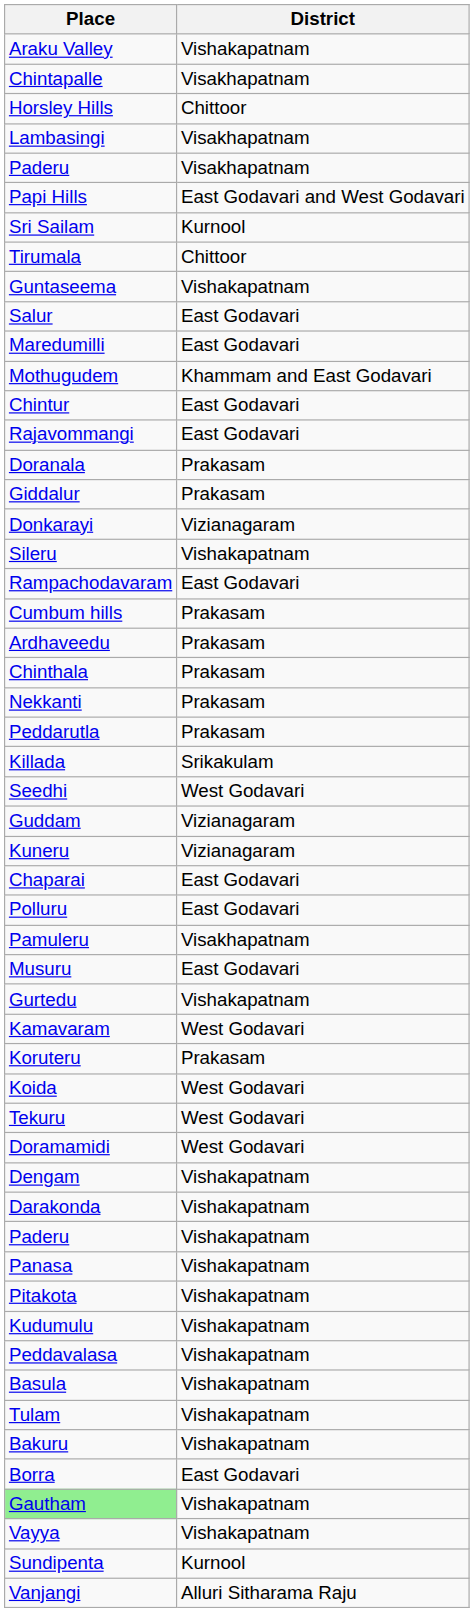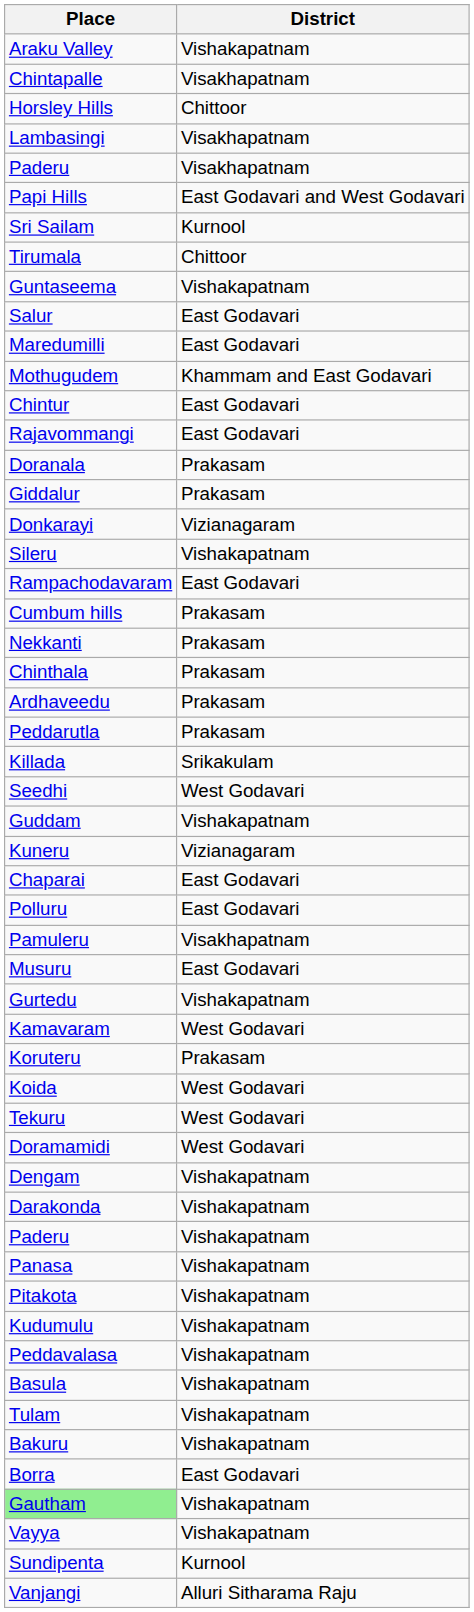 <table class="wikitable sortable">
 <tr>
 <th>Place</th>
 <th>District</th>
 </tr>
 <tr>
 <td><a href='#'>Araku Valley</a></td>
 <td>Vishakapatnam</td>
 </tr>
 <tr>
 <td><a href='#'>Chintapalle</a></td>
 <td>Visakhapatnam</td>
 </tr>
 <tr>
 <td><a href='#'>Horsley Hills</a></td>
 <td>Chittoor</td>
 </tr>
 <tr>
 <td><a href='#'>Lambasingi</a></td>
 <td>Visakhapatnam</td>
 </tr>
 <tr>
 <td><a href='#'>Paderu</a></td>
 <td>Visakhapatnam</td>
 </tr>
 <tr>
 <td><a href='#'>Papi Hills</a></td>
 <td>East Godavari and West Godavari</td>
 </tr>
 <tr>
 <td><a href='#'>Sri Sailam</a></td>
 <td>Kurnool</td>
 </tr>
 <tr>
 <td><a href='#'>Tirumala</a></td>
 <td>Chittoor</td>
 </tr>
 <tr>
 <td><a href='#'>Guntaseema</a></td>
 <td>Vishakapatnam</td>
 </tr>
 <tr>
 <td><a href='#'>Salur</a></td>
 <td>East Godavari</td>
 </tr>
 <tr>
 <td><a href='#'>Maredumilli</a></td>
 <td>East Godavari</td>
 </tr>
 <tr>
 <td><a href='#'>Mothugudem</a></td>
 <td>Khammam and East Godavari</td>
 </tr>
 <tr>
 <td><a href='#'>Chintur</a></td>
 <td>East Godavari</td>
 </tr>
 <tr>
 <td><a href='#'>Rajavommangi</a></td>
 <td>East Godavari</td>
 </tr>
 <tr>
 <td><a href='#'>Doranala</a></td>
 <td>Prakasam</td>
 </tr>
 <tr>
 <td><a href='#'>Giddalur</a></td>
 <td>Prakasam</td>
 </tr>
 <tr>
 <td><a href='#'>Donkarayi</a></td>
 <td>Vizianagaram</td>
 </tr>
 <tr>
 <td><a href='#'>Sileru</a></td>
 <td>Vishakapatnam</td>
 </tr>
 <tr>
 <td><a href='#'>Rampachodavaram</a></td>
 <td>East Godavari</td>
 </tr>
 <tr>
 <td><a href='#'>Cumbum hills</a></td>
 <td>Prakasam</td>
 </tr>
 <tr>
-<td><a href='#'>Ardhaveedu</a></td>
+<td><a href='#'>Nekkanti</a></td>
 <td>Prakasam</td>
 </tr>
 <tr>
 <td><a href='#'>Chinthala</a></td>
 <td>Prakasam</td>
 </tr>
 <tr>
-<td><a href='#'>Nekkanti</a></td>
+<td><a href='#'>Ardhaveedu</a></td>
 <td>Prakasam</td>
 </tr>
 <tr>
 <td><a href='#'>Peddarutla</a></td>
 <td>Prakasam</td>
 </tr>
 <tr>
 <td><a href='#'>Killada</a></td>
 <td>Srikakulam</td>
 </tr>
 <tr>
 <td><a href='#'>Seedhi</a></td>
 <td>West Godavari</td>
 </tr>
 <tr>
 <td><a href='#'>Guddam</a></td>
-<td>Vizianagaram</td>
+<td>Vishakapatnam</td>
 </tr>
 <tr>
 <td><a href='#'>Kuneru</a></td>
 <td>Vizianagaram</td>
 </tr>
 <tr>
 <td><a href='#'>Chaparai</a></td>
 <td>East Godavari</td>
 </tr>
 <tr>
 <td><a href='#'>Polluru</a></td>
 <td>East Godavari</td>
 </tr>
 <tr>
 <td><a href='#'>Pamuleru</a></td>
 <td>Visakhapatnam</td>
 </tr>
 <tr>
 <td><a href='#'>Musuru</a></td>
 <td>East Godavari</td>
 </tr>
 <tr>
 <td><a href='#'>Gurtedu</a></td>
 <td>Vishakapatnam</td>
 </tr>
 <tr>
 <td><a href='#'>Kamavaram</a></td>
 <td>West Godavari</td>
 </tr>
 <tr>
 <td><a href='#'>Koruteru</a></td>
 <td>Prakasam</td>
 </tr>
 <tr>
 <td><a href='#'>Koida</a></td>
 <td>West Godavari</td>
 </tr>
 <tr>
 <td><a href='#'>Tekuru</a></td>
 <td>West Godavari</td>
 </tr>
 <tr>
 <td><a href='#'>Doramamidi</a></td>
 <td>West Godavari</td>
 </tr>
 <tr>
 <td><a href='#'>Dengam</a></td>
 <td>Vishakapatnam</td>
 </tr>
 <tr>
 <td><a href='#'>Darakonda</a></td>
 <td>Vishakapatnam</td>
 </tr>
 <tr>
 <td><a href='#'>Paderu</a></td>
 <td>Vishakapatnam</td>
 </tr>
 <tr>
 <td><a href='#'>Panasa</a></td>
 <td>Vishakapatnam</td>
 </tr>
 <tr>
 <td><a href='#'>Pitakota</a></td>
 <td>Vishakapatnam</td>
 </tr>
 <tr>
 <td><a href='#'>Kudumulu</a></td>
 <td>Vishakapatnam</td>
 </tr>
 <tr>
 <td><a href='#'>Peddavalasa</a></td>
 <td>Vishakapatnam</td>
 </tr>
 <tr>
 <td><a href='#'>Basula</a></td>
 <td>Vishakapatnam</td>
 </tr>
 <tr>
 <td><a href='#'>Tulam</a></td>
 <td>Vishakapatnam</td>
 </tr>
 <tr>
 <td><a href='#'>Bakuru</a></td>
 <td>Vishakapatnam</td>
 </tr>
 <tr>
 <td><a href='#'>Borra</a></td>
 <td>East Godavari</td>
 </tr>
 <tr>
 <td style="background: lightgreen;"><a href='#'>Gautham</a></td>
 <td>Vishakapatnam</td>
 </tr>
 <tr>
 <td><a href='#'>Vayya</a></td>
 <td>Vishakapatnam</td>
 </tr>
 <tr>
 <td><a href='#'>Sundipenta</a></td>
 <td>Kurnool</td>
 </tr>
 <tr>
 <td><a href='#'>Vanjangi</a></td>
 <td>Alluri Sitharama Raju</td>
 </tr>
 </table>
